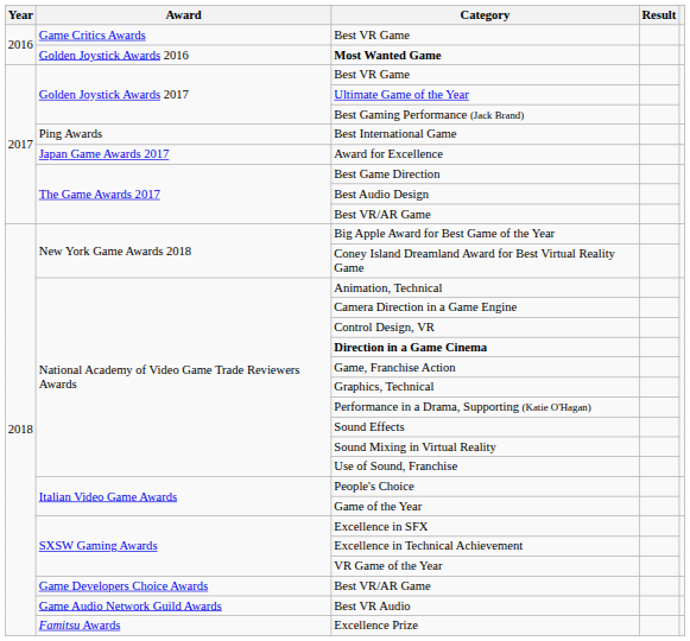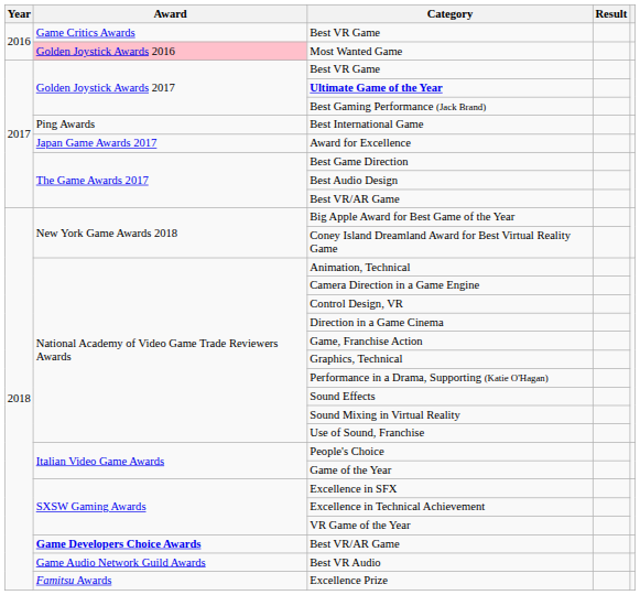 <table class="wikitable sortable">
 <tr>
 <th>Year</th>
 <th>Award</th>
 <th>Category</th>
 <th>Result</th>
 <th></th>
 </tr>
 <tr>
 <td style="text-align:center;" rowspan="2">2016</td>
 <td rowspan="1"><a href='#'>Game Critics Awards</a></td>
 <td>Best VR Game</td>
 <td></td>
 <td rowspan="1" style="text-align:center;"></td>
 </tr>
 <tr>
-<td rowspan="1"><a href='#'>Golden Joystick Awards</a> 2016</td>
-<td><strong>Most Wanted Game</strong></td>
+<td rowspan="1" style="background: pink;"><a href='#'>Golden Joystick Awards</a> 2016</td>
+<td>Most Wanted Game</td>
 <td></td>
 <td rowspan="1" style="text-align:center;"></td>
 </tr>
 <tr>
 <td style="text-align:center;" rowspan="8">2017</td>
 <td rowspan="3"><a href='#'>Golden Joystick Awards</a> 2017</td>
 <td>Best VR Game</td>
 <td></td>
 <td rowspan="3" style="text-align:center;"></td>
 </tr>
 <tr>
-<td><a href='#'>Ultimate Game of the Year</a></td>
+<td><strong><a href='#'>Ultimate Game of the Year</a></strong></td>
 <td></td>
 </tr>
 <tr>
 <td>Best Gaming Performance <small>(Jack Brand)</small></td>
 <td></td>
 </tr>
 <tr>
 <td rowspan="1">Ping Awards</td>
 <td>Best International Game</td>
 <td></td>
 <td rowspan="1" style="text-align:center;"></td>
 </tr>
 <tr>
 <td rowspan="1"><a href='#'>Japan Game Awards 2017</a></td>
 <td>Award for Excellence</td>
 <td></td>
 <td style="text-align:center;"></td>
 </tr>
 <tr>
 <td rowspan="3"><a href='#'>The Game Awards 2017</a></td>
 <td>Best Game Direction</td>
 <td></td>
 <td rowspan="3" style="text-align:center;"></td>
 </tr>
 <tr>
 <td>Best Audio Design</td>
 <td></td>
 </tr>
 <tr>
 <td>Best VR/AR Game</td>
 <td></td>
 </tr>
 <tr>
 <td style="text-align:center;" rowspan="20">2018</td>
 <td rowspan="2">New York Game Awards 2018</td>
 <td>Big Apple Award for Best Game of the Year</td>
 <td></td>
 <td rowspan="2" style="text-align:center;"></td>
 </tr>
 <tr>
 <td>Coney Island Dreamland Award for Best Virtual Reality Game</td>
 <td></td>
 </tr>
 <tr>
 <td rowspan="10">National Academy of Video Game Trade Reviewers Awards</td>
 <td>Animation, Technical</td>
 <td></td>
 <td rowspan="10" style="text-align:center;"></td>
 </tr>
 <tr>
 <td>Camera Direction in a Game Engine</td>
 <td></td>
 </tr>
 <tr>
 <td>Control Design, VR</td>
 <td></td>
 </tr>
 <tr>
-<td><strong>Direction in a Game Cinema</strong></td>
+<td>Direction in a Game Cinema</td>
 <td></td>
 </tr>
 <tr>
 <td>Game, Franchise Action</td>
 <td></td>
 </tr>
 <tr>
 <td>Graphics, Technical</td>
 <td></td>
 </tr>
 <tr>
 <td>Performance in a Drama, Supporting <small>(Katie O'Hagan)</small></td>
 <td></td>
 </tr>
 <tr>
 <td>Sound Effects</td>
 <td></td>
 </tr>
 <tr>
 <td>Sound Mixing in Virtual Reality</td>
 <td></td>
 </tr>
 <tr>
 <td>Use of Sound, Franchise</td>
 <td></td>
 </tr>
 <tr>
 <td rowspan="2"><a href='#'>Italian Video Game Awards</a></td>
 <td>People's Choice</td>
 <td></td>
 <td rowspan="2" style="text-align:center;"></td>
 </tr>
 <tr>
 <td>Game of the Year</td>
 <td></td>
 </tr>
 <tr>
 <td rowspan="3"><a href='#'>SXSW Gaming Awards</a></td>
 <td>Excellence in SFX</td>
 <td></td>
 <td rowspan="3" style="text-align:center;"></td>
 </tr>
 <tr>
 <td>Excellence in Technical Achievement</td>
 <td></td>
 </tr>
 <tr>
 <td>VR Game of the Year</td>
 <td></td>
 </tr>
 <tr>
-<td rowspan="1"><a href='#'>Game Developers Choice Awards</a></td>
+<td rowspan="1"><strong><a href='#'>Game Developers Choice Awards</a></strong></td>
 <td>Best VR/AR Game</td>
 <td></td>
 <td rowspan="1" style="text-align:center;"></td>
 </tr>
 <tr>
 <td rowspan="1"><a href='#'>Game Audio Network Guild Awards</a></td>
 <td>Best VR Audio</td>
 <td></td>
 <td rowspan="1" style="text-align:center;"></td>
 </tr>
 <tr>
 <td rowspan="1"><a href='#'><em>Famitsu</em> Awards</a></td>
 <td>Excellence Prize</td>
 <td></td>
 <td rowspan="1" style="text-align:center;"></td>
 </tr>
 </table>
